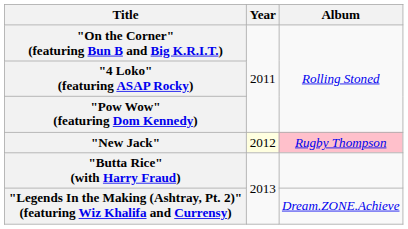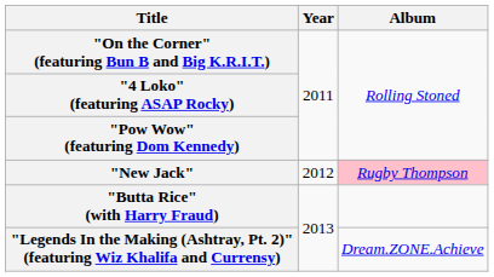 <table class="wikitable plainrowheaders" style="text-align:center;">
 <tr>
 <th scope="col" rowspan="1" style="width:18em;">Title</th>
 <th scope="col" rowspan="1">Year</th>
 <th scope="col" rowspan="1">Album</th>
 </tr>
 <tr>
 <th scope="row">"On the Corner"<br><span>(featuring <a href='#'>Bun B</a> and <a href='#'>Big K.R.I.T.</a>)</span></th>
 <td rowspan="3">2011</td>
 <td rowspan="3"><em><a href='#'>Rolling Stoned</a></em></td>
 </tr>
 <tr>
 <th scope="row">"4 Loko"<br><span>(featuring <a href='#'>ASAP Rocky</a>)</span></th>
 </tr>
 <tr>
 <th scope="row">"Pow Wow"<br><span>(featuring <a href='#'>Dom Kennedy</a>)</span></th>
 </tr>
 <tr>
 <th scope="row">"New Jack"</th>
-<td style="background: lightyellow;">2012</td>
+<td>2012</td>
 <td style="background: pink;"><em><a href='#'>Rugby Thompson</a></em></td>
 </tr>
 <tr>
 <th scope="row">"Butta Rice"<br><span>(with <a href='#'>Harry Fraud</a>)</span></th>
 <td rowspan="2">2013</td>
 <td></td>
 </tr>
 <tr>
 <th scope="row">"Legends In the Making (Ashtray, Pt. 2)"<br><span>(featuring <a href='#'>Wiz Khalifa</a> and <a href='#'>Currensy</a>)</span></th>
 <td><em><a href='#'>Dream.ZONE.Achieve</a></em></td>
 </tr>
 </table>
